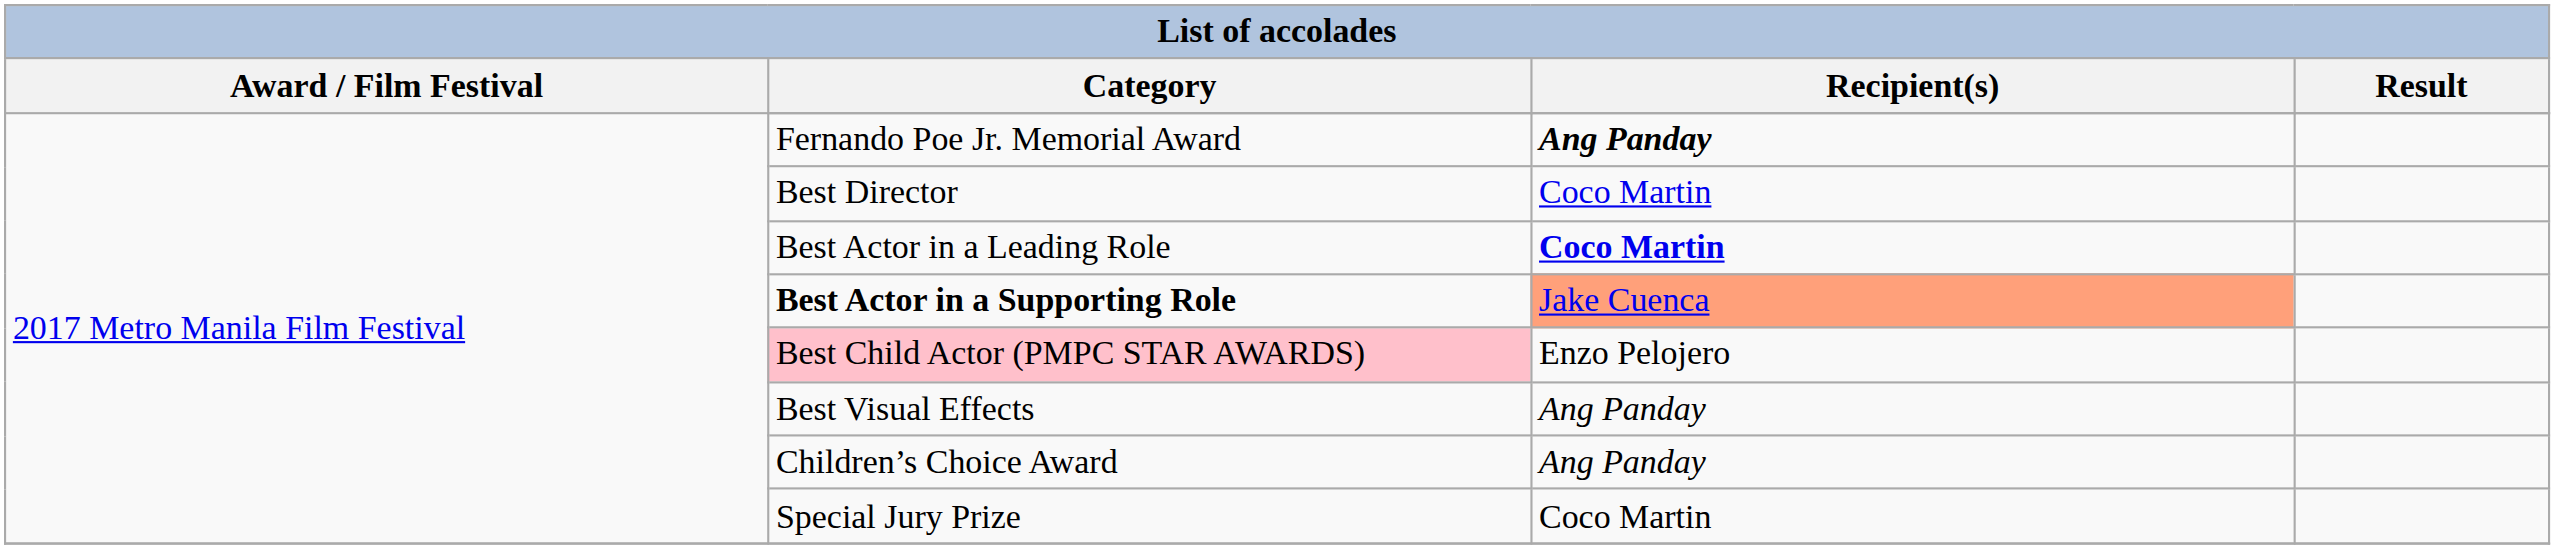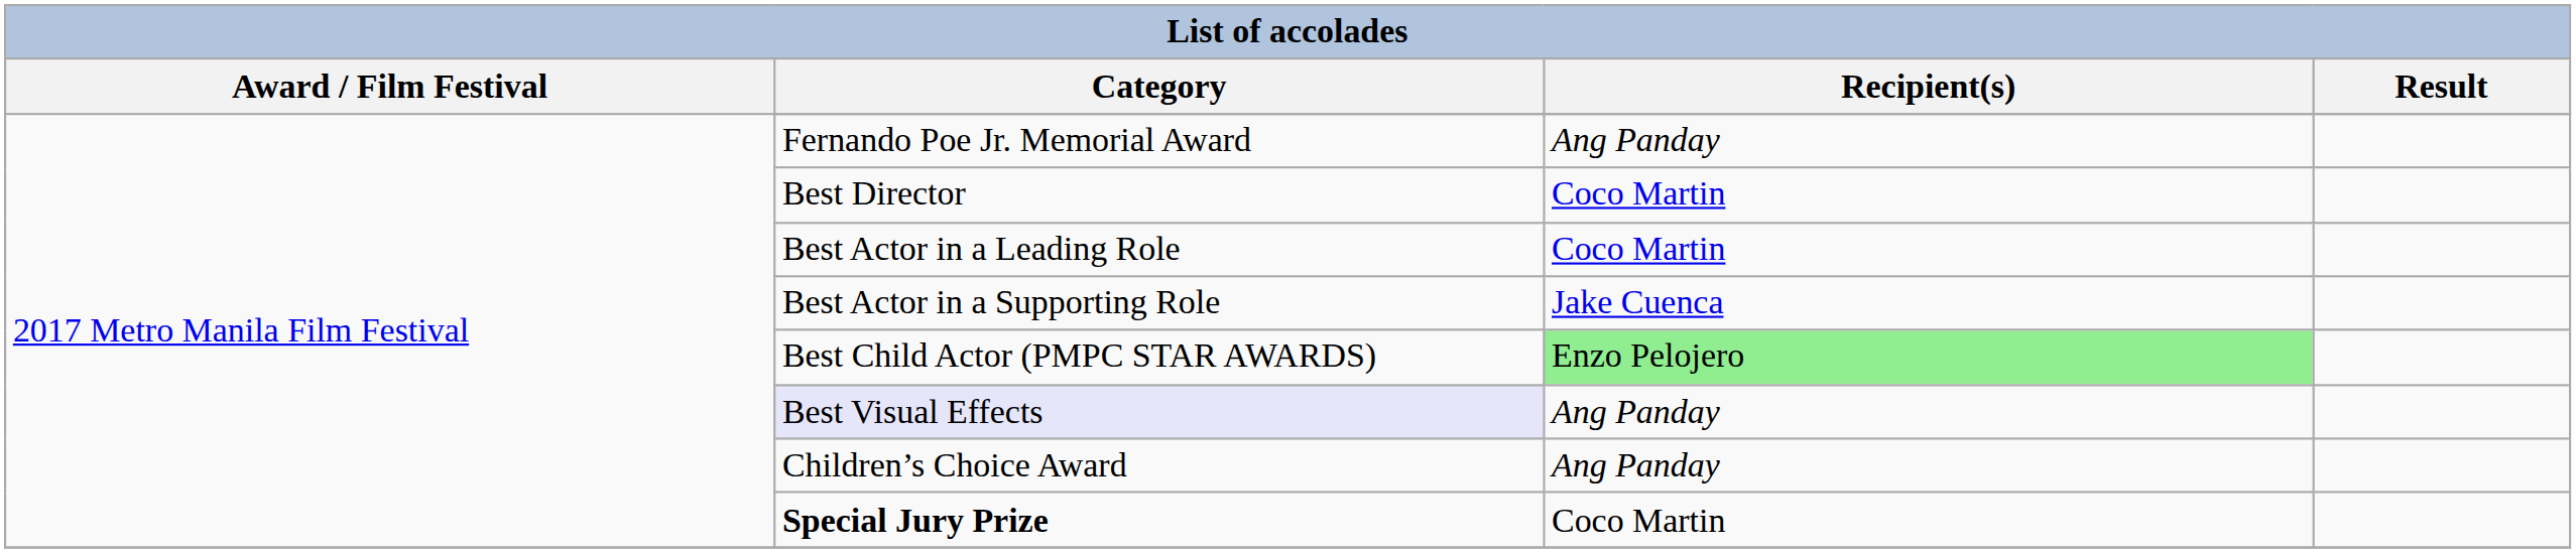 <table class="wikitable sortable" style="width:95%;">
 <tr style="background:#ccc; text-align:center;">
 <th colspan=5 style="background:#B0C4DE;">List of accolades</th>
 </tr>
 <tr style="background:#ccc; text-align:center;">
 <th scope="col" style="width:30%;">Award / Film Festival</th>
 <th scope="col" style="width:30%;">Category</th>
 <th scope="col" style="width:30%;">Recipient(s)</th>
 <th scope="col" style="width:10%;">Result</th>
 </tr>
 <tr>
 <td rowspan=9><a href='#'>2017 Metro Manila Film Festival</a></td>
 </tr>
 <tr>
 <td>Fernando Poe Jr. Memorial Award</td>
-<td><strong><em>Ang Panday</em></strong></td>
+<td><em>Ang Panday</em></td>
 <td></td>
 </tr>
 <tr>
 <td>Best Director</td>
 <td><a href='#'>Coco Martin</a></td>
 <td></td>
 </tr>
 <tr>
 <td>Best Actor in a Leading Role</td>
-<td><strong><a href='#'>Coco Martin</a></strong></td>
+<td><a href='#'>Coco Martin</a></td>
 <td></td>
 </tr>
 <tr>
-<td><strong>Best Actor in a Supporting Role</strong></td>
-<td style="background: lightsalmon;"><a href='#'>Jake Cuenca</a></td>
+<td>Best Actor in a Supporting Role</td>
+<td><a href='#'>Jake Cuenca</a></td>
 <td></td>
 </tr>
 <tr>
-<td style="background: pink;">Best Child Actor (PMPC STAR AWARDS)</td>
-<td>Enzo Pelojero</td>
+<td>Best Child Actor (PMPC STAR AWARDS)</td>
+<td style="background: lightgreen;">Enzo Pelojero</td>
 <td></td>
 </tr>
 <tr>
-<td>Best Visual Effects</td>
+<td style="background: lavender;">Best Visual Effects</td>
 <td><em>Ang Panday</em></td>
 <td></td>
 </tr>
 <tr>
 <td>Children’s Choice Award</td>
 <td><em>Ang Panday</em></td>
 <td></td>
 </tr>
 <tr>
-<td>Special Jury Prize</td>
+<td><strong>Special Jury Prize</strong></td>
 <td>Coco Martin<br></td>
 <td></td>
 </tr>
 <tr>
 </tr>
 </table>
